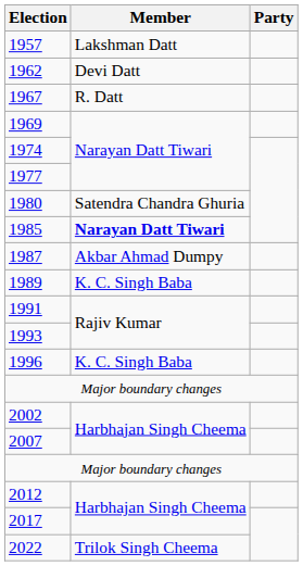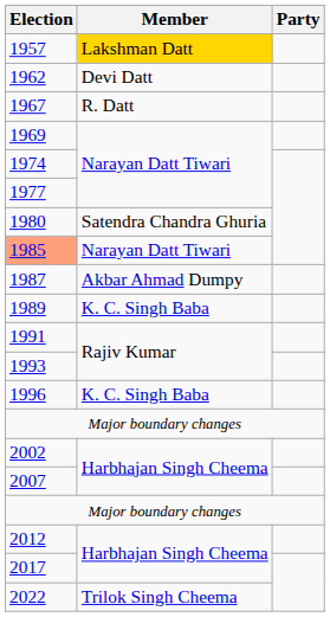 <table class="wikitable sortable">
 <tr>
 <th>Election</th>
 <th>Member</th>
 <th colspan="2">Party</th>
 </tr>
 <tr>
 <td><a href='#'>1957</a></td>
-<td>Lakshman Datt</td>
+<td style="background: gold;">Lakshman Datt</td>
 <td></td>
 </tr>
 <tr>
 <td><a href='#'>1962</a></td>
 <td>Devi Datt</td>
 </tr>
 <tr>
 <td><a href='#'>1967</a></td>
 <td>R. Datt</td>
 <td></td>
 </tr>
 <tr>
 <td><a href='#'>1969</a></td>
 <td rowspan="3"><a href='#'>Narayan Datt Tiwari</a></td>
 <td></td>
 </tr>
 <tr>
 <td><a href='#'>1974</a></td>
 </tr>
 <tr>
 <td><a href='#'>1977</a></td>
 </tr>
 <tr>
 <td><a href='#'>1980</a></td>
 <td>Satendra Chandra Ghuria</td>
 </tr>
 <tr>
-<td><a href='#'>1985</a></td>
-<td><strong><a href='#'>Narayan Datt Tiwari</a></strong></td>
+<td style="background: lightsalmon;"><a href='#'>1985</a></td>
+<td><a href='#'>Narayan Datt Tiwari</a></td>
 </tr>
 <tr>
 <td><a href='#'>1987</a></td>
 <td><a href='#'>Akbar Ahmad</a> Dumpy</td>
 <td></td>
 </tr>
 <tr>
 <td><a href='#'>1989</a></td>
 <td><a href='#'>K. C. Singh Baba</a></td>
 </tr>
 <tr>
 <td><a href='#'>1991</a></td>
 <td rowspan="2">Rajiv Kumar</td>
 <td></td>
 </tr>
 <tr>
 <td><a href='#'>1993</a></td>
 </tr>
 <tr>
 <td><a href='#'>1996</a></td>
 <td><a href='#'>K. C. Singh Baba</a></td>
 <td></td>
 </tr>
 <tr>
 <td colspan=4 align=center><small><em>Major boundary changes</em></small></td>
 </tr>
 <tr>
 <td><a href='#'>2002</a></td>
 <td rowspan="2"><a href='#'>Harbhajan Singh Cheema</a></td>
 <td></td>
 </tr>
 <tr>
 <td><a href='#'>2007</a></td>
 </tr>
 <tr>
 <td colspan=4 align=center><small><em>Major boundary changes</em></small></td>
 </tr>
 <tr>
 <td><a href='#'>2012</a></td>
 <td rowspan="2"><a href='#'>Harbhajan Singh Cheema</a></td>
 <td></td>
 </tr>
 <tr>
 <td><a href='#'>2017</a></td>
 </tr>
 <tr>
 <td><a href='#'>2022</a></td>
 <td><a href='#'>Trilok Singh Cheema</a></td>
 </tr>
 </table>
